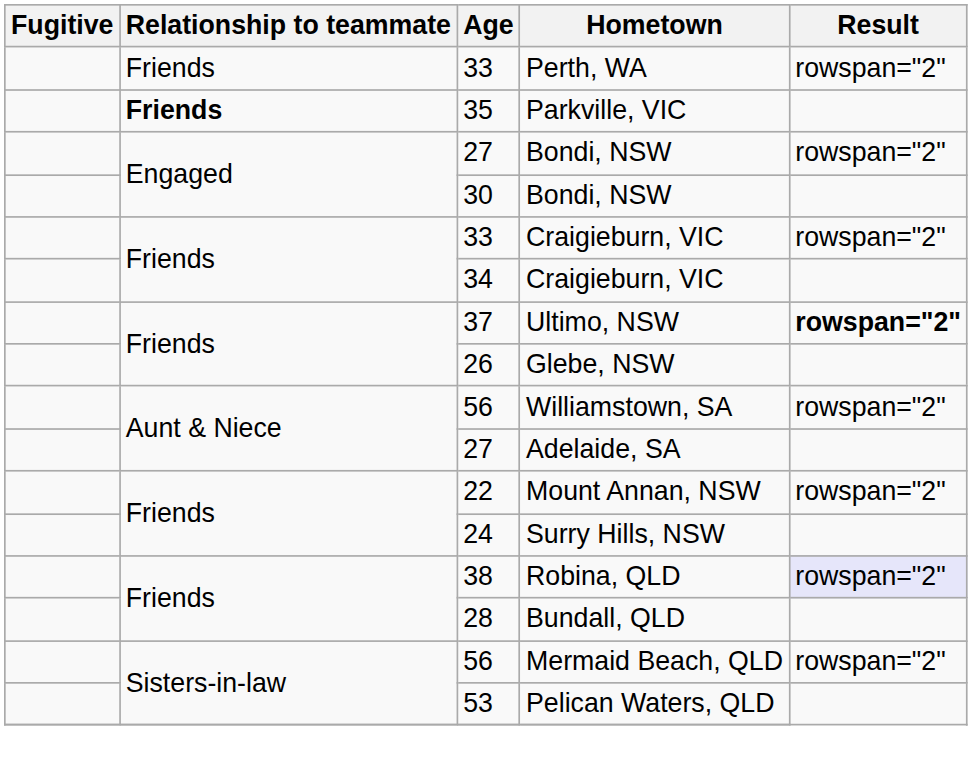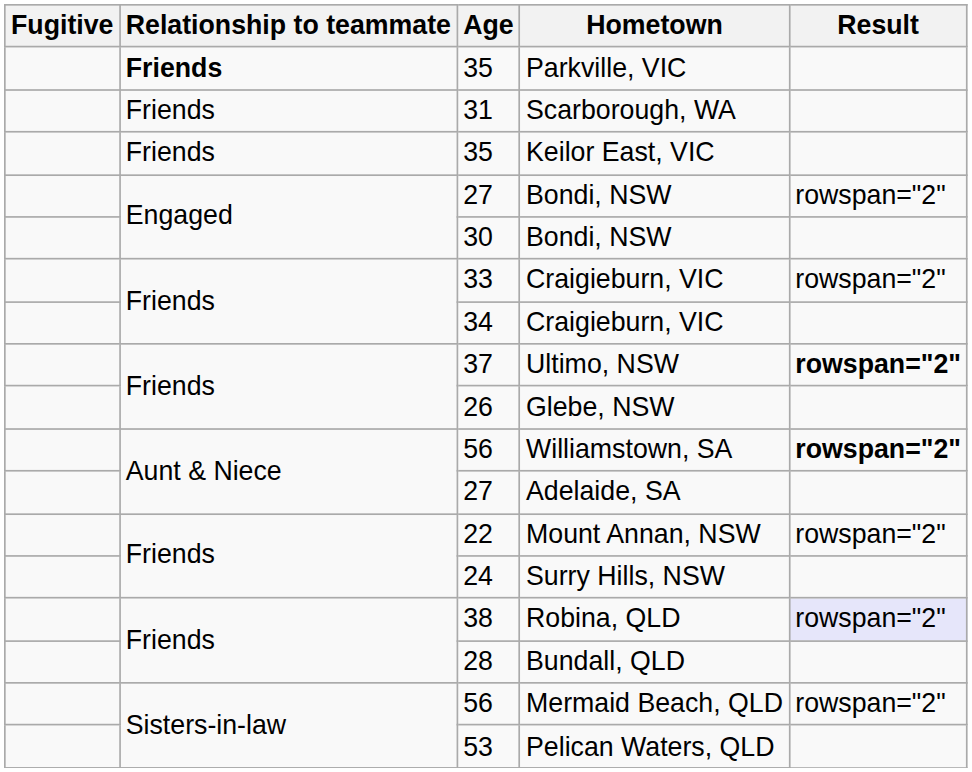 <table class="wikitable sortable">
 <tr>
 <th>Fugitive</th>
 <th>Relationship to teammate</th>
 <th>Age</th>
 <th>Hometown</th>
 <th>Result</th>
 </tr>
 <tr>
 <td></td>
-<td>Friends</td>
-<td>33</td>
-<td>Perth, WA</td>
-<td>rowspan="2" </td>
+<td><strong>Friends</strong></td>
+<td>35</td>
+<td>Parkville, VIC</td>
 </tr>
 <tr>
 <td></td>
-<td><strong>Friends</strong></td>
+<td>Friends</td>
+<td>31</td>
+<td>Scarborough, WA</td>
+<td></td>
+</tr>
+<tr>
+<td></td>
+<td>Friends</td>
 <td>35</td>
-<td>Parkville, VIC</td>
+<td>Keilor East, VIC</td>
+<td></td>
 </tr>
 <tr>
 <td></td>
 <td rowspan="2">Engaged</td>
 <td>27</td>
 <td>Bondi, NSW</td>
 <td>rowspan="2" </td>
 </tr>
 <tr>
 <td></td>
 <td>30</td>
 <td>Bondi, NSW</td>
 </tr>
 <tr>
 <td></td>
 <td rowspan="2">Friends</td>
 <td>33</td>
 <td>Craigieburn, VIC</td>
 <td>rowspan="2" </td>
 </tr>
 <tr>
 <td></td>
 <td>34</td>
 <td>Craigieburn, VIC</td>
 </tr>
 <tr>
 <td></td>
 <td rowspan="2">Friends</td>
 <td>37</td>
 <td>Ultimo, NSW</td>
 <td><strong>rowspan="2" </strong></td>
 </tr>
 <tr>
 <td></td>
 <td>26</td>
 <td>Glebe, NSW</td>
 </tr>
 <tr>
 <td></td>
 <td rowspan="2">Aunt & Niece</td>
 <td>56</td>
 <td>Williamstown, SA</td>
-<td>rowspan="2" </td>
+<td><strong>rowspan="2" </strong></td>
 </tr>
 <tr>
 <td></td>
 <td>27</td>
 <td>Adelaide, SA</td>
 </tr>
 <tr>
 <td></td>
 <td rowspan="2">Friends</td>
 <td>22</td>
 <td>Mount Annan, NSW</td>
 <td>rowspan="2" </td>
 </tr>
 <tr>
 <td></td>
 <td>24</td>
 <td>Surry Hills, NSW</td>
 </tr>
 <tr>
 <td></td>
 <td rowspan="2">Friends</td>
 <td>38</td>
 <td>Robina, QLD</td>
 <td style="background: lavender;">rowspan="2" </td>
 </tr>
 <tr>
 <td></td>
 <td>28</td>
 <td>Bundall, QLD</td>
 </tr>
 <tr>
 <td></td>
 <td rowspan="2">Sisters-in-law</td>
 <td>56</td>
 <td>Mermaid Beach, QLD</td>
 <td>rowspan="2" </td>
 </tr>
 <tr>
 <td></td>
 <td>53</td>
 <td>Pelican Waters, QLD</td>
 </tr>
 <tr>
 </tr>
 </table>
